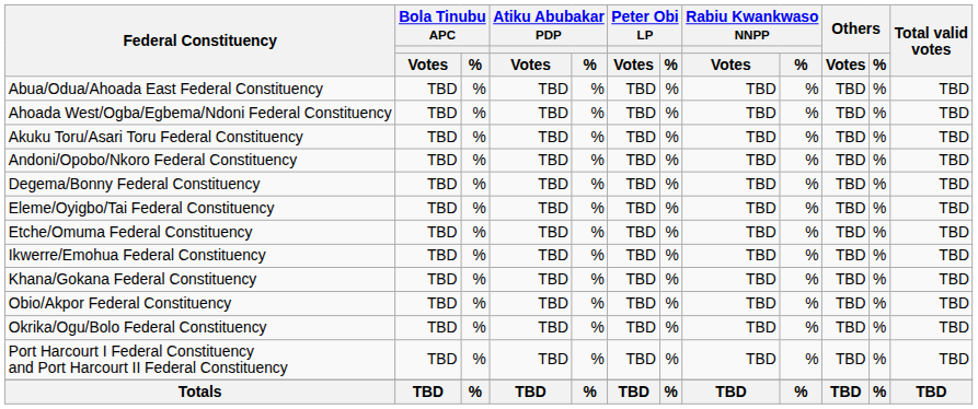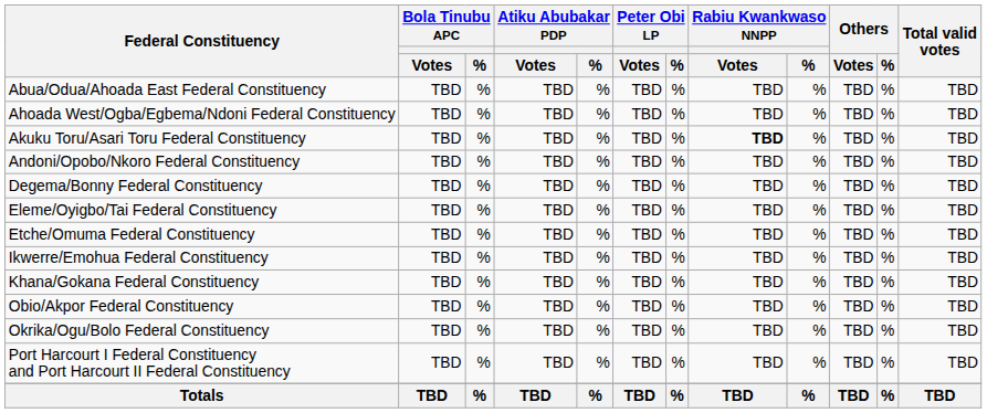 <table class="wikitable sortable" style="text-align:right; font-size:90%">
 <tr>
 <th rowspan="3" style="max-width:7.5em;">Federal Constituency</th>
 <th colspan="2"><a href='#'>Bola Tinubu</a><br><small>APC</small></th>
 <th colspan="2"><a href='#'>Atiku Abubakar</a><br><small>PDP</small></th>
 <th colspan="2"><a href='#'>Peter Obi</a><br><small>LP</small></th>
 <th colspan="2"><a href='#'>Rabiu Kwankwaso</a><br><small>NNPP</small></th>
 <th colspan="2" rowspan="2">Others</th>
 <th rowspan="3" style="max-width:5em;">Total valid votes</th>
 </tr>
 <tr>
 <th colspan=2 style="background-color:"></th>
 <th colspan=2 style="background-color:"></th>
 <th colspan=2 style="background-color:"></th>
 <th colspan=2 style="background-color:"></th>
 </tr>
 <tr>
 <th>Votes</th>
 <th>%</th>
 <th>Votes</th>
 <th>%</th>
 <th>Votes</th>
 <th>%</th>
 <th>Votes</th>
 <th>%</th>
 <th>Votes</th>
 <th>%</th>
 </tr>
 <tr style="background-color:#">
 <td style="text-align:left;">Abua/Odua/Ahoada East Federal Constituency</td>
 <td>TBD</td>
 <td>%</td>
 <td>TBD</td>
 <td>%</td>
 <td>TBD</td>
 <td>%</td>
 <td>TBD</td>
 <td>%</td>
 <td>TBD</td>
 <td>%</td>
 <td>TBD</td>
 </tr>
 <tr style="background-color:#">
 <td style="text-align:left;">Ahoada West/Ogba/Egbema/Ndoni Federal Constituency</td>
 <td>TBD</td>
 <td>%</td>
 <td>TBD</td>
 <td>%</td>
 <td>TBD</td>
 <td>%</td>
 <td>TBD</td>
 <td>%</td>
 <td>TBD</td>
 <td>%</td>
 <td>TBD</td>
 </tr>
 <tr style="background-color:#">
 <td style="text-align:left;">Akuku Toru/Asari Toru Federal Constituency</td>
 <td>TBD</td>
 <td>%</td>
 <td>TBD</td>
 <td>%</td>
 <td>TBD</td>
 <td>%</td>
-<td>TBD</td>
+<td><strong>TBD</strong></td>
 <td>%</td>
 <td>TBD</td>
 <td>%</td>
 <td>TBD</td>
 </tr>
 <tr style="background-color:#">
 <td style="text-align:left;">Andoni/Opobo/Nkoro Federal Constituency</td>
 <td>TBD</td>
 <td>%</td>
 <td>TBD</td>
 <td>%</td>
 <td>TBD</td>
 <td>%</td>
 <td>TBD</td>
 <td>%</td>
 <td>TBD</td>
 <td>%</td>
 <td>TBD</td>
 </tr>
 <tr style="background-color:#">
 <td style="text-align:left;">Degema/Bonny Federal Constituency</td>
 <td>TBD</td>
 <td>%</td>
 <td>TBD</td>
 <td>%</td>
 <td>TBD</td>
 <td>%</td>
 <td>TBD</td>
 <td>%</td>
 <td>TBD</td>
 <td>%</td>
 <td>TBD</td>
 </tr>
 <tr style="background-color:#">
 <td style="text-align:left;">Eleme/Oyigbo/Tai Federal Constituency</td>
 <td>TBD</td>
 <td>%</td>
 <td>TBD</td>
 <td>%</td>
 <td>TBD</td>
 <td>%</td>
 <td>TBD</td>
 <td>%</td>
 <td>TBD</td>
 <td>%</td>
 <td>TBD</td>
 </tr>
 <tr style="background-color:#">
 <td style="text-align:left;">Etche/Omuma Federal Constituency</td>
 <td>TBD</td>
 <td>%</td>
 <td>TBD</td>
 <td>%</td>
 <td>TBD</td>
 <td>%</td>
 <td>TBD</td>
 <td>%</td>
 <td>TBD</td>
 <td>%</td>
 <td>TBD</td>
 </tr>
 <tr style="background-color:#">
 <td style="text-align:left;">Ikwerre/Emohua Federal Constituency</td>
 <td>TBD</td>
 <td>%</td>
 <td>TBD</td>
 <td>%</td>
 <td>TBD</td>
 <td>%</td>
 <td>TBD</td>
 <td>%</td>
 <td>TBD</td>
 <td>%</td>
 <td>TBD</td>
 </tr>
 <tr style="background-color:#">
 <td style="text-align:left;">Khana/Gokana Federal Constituency</td>
 <td>TBD</td>
 <td>%</td>
 <td>TBD</td>
 <td>%</td>
 <td>TBD</td>
 <td>%</td>
 <td>TBD</td>
 <td>%</td>
 <td>TBD</td>
 <td>%</td>
 <td>TBD</td>
 </tr>
 <tr style="background-color:#">
 <td style="text-align:left;">Obio/Akpor Federal Constituency</td>
 <td>TBD</td>
 <td>%</td>
 <td>TBD</td>
 <td>%</td>
 <td>TBD</td>
 <td>%</td>
 <td>TBD</td>
 <td>%</td>
 <td>TBD</td>
 <td>%</td>
 <td>TBD</td>
 </tr>
 <tr style="background-color:#">
 <td style="text-align:left;">Okrika/Ogu/Bolo Federal Constituency</td>
 <td>TBD</td>
 <td>%</td>
 <td>TBD</td>
 <td>%</td>
 <td>TBD</td>
 <td>%</td>
 <td>TBD</td>
 <td>%</td>
 <td>TBD</td>
 <td>%</td>
 <td>TBD</td>
 </tr>
 <tr style="background-color:#">
 <td style="text-align:left;">Port Harcourt I Federal Constituency<br>and Port Harcourt II Federal Constituency</td>
 <td>TBD</td>
 <td>%</td>
 <td>TBD</td>
 <td>%</td>
 <td>TBD</td>
 <td>%</td>
 <td>TBD</td>
 <td>%</td>
 <td>TBD</td>
 <td>%</td>
 <td>TBD</td>
 </tr>
 <tr>
 </tr>
 <tr>
 <th>Totals</th>
 <th>TBD</th>
 <th>%</th>
 <th>TBD</th>
 <th>%</th>
 <th>TBD</th>
 <th>%</th>
 <th>TBD</th>
 <th>%</th>
 <th>TBD</th>
 <th>%</th>
 <th>TBD</th>
 </tr>
 </table>
